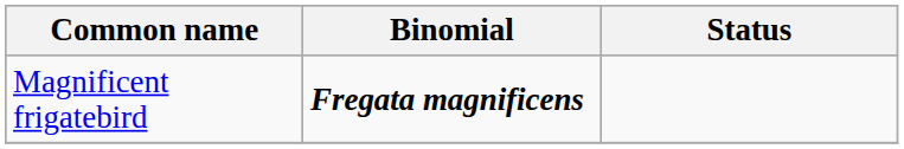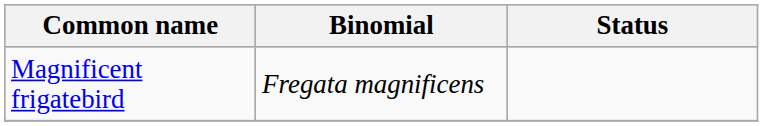 <table width=72% class="wikitable">
 <tr>
 <th width=24%>Common name</th>
 <th width=24%>Binomial</th>
 <th width=24%>Status</th>
 </tr>
 <tr>
 <td><a href='#'>Magnificent frigatebird</a></td>
-<td><strong><em>Fregata magnificens</em></strong></td>
+<td><em>Fregata magnificens</em></td>
 <td></td>
 </tr>
 <tr>
 </tr>
 </table>
